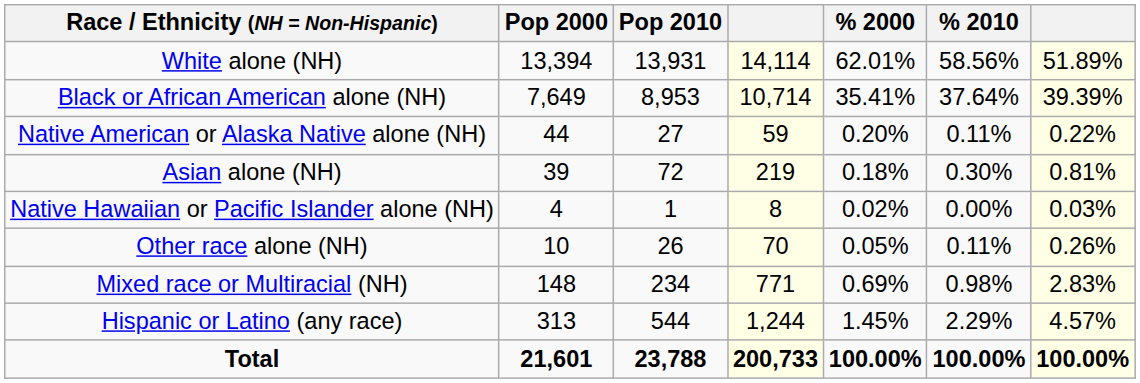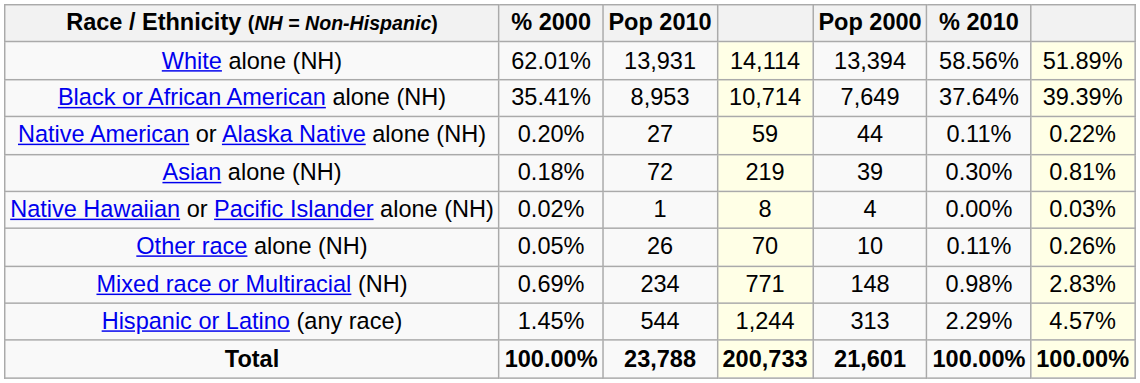 <table class="wikitable" style="text-align:center;">
 <tr>
 <th>Race / Ethnicity <small>(<em>NH = Non-Hispanic</em>)</small></th>
-<th>Pop 2000</th>
+<th>% 2000</th>
 <th>Pop 2010</th>
 <th></th>
-<th>% 2000</th>
+<th>Pop 2000</th>
 <th>% 2010</th>
 <th></th>
 </tr>
 <tr>
 <td><a href='#'>White</a> alone (NH)</td>
-<td>13,394</td>
+<td>62.01%</td>
 <td>13,931</td>
 <td style='background: #ffffe6;'>14,114</td>
-<td>62.01%</td>
+<td>13,394</td>
 <td>58.56%</td>
 <td style='background: #ffffe6;'>51.89%</td>
 </tr>
 <tr>
 <td><a href='#'>Black or African American</a> alone (NH)</td>
-<td>7,649</td>
+<td>35.41%</td>
 <td>8,953</td>
 <td style='background: #ffffe6;'>10,714</td>
-<td>35.41%</td>
+<td>7,649</td>
 <td>37.64%</td>
 <td style='background: #ffffe6;'>39.39%</td>
 </tr>
 <tr>
 <td><a href='#'>Native American</a> or <a href='#'>Alaska Native</a> alone (NH)</td>
-<td>44</td>
+<td>0.20%</td>
 <td>27</td>
 <td style='background: #ffffe6;'>59</td>
-<td>0.20%</td>
+<td>44</td>
 <td>0.11%</td>
 <td style='background: #ffffe6;'>0.22%</td>
 </tr>
 <tr>
 <td><a href='#'>Asian</a> alone (NH)</td>
-<td>39</td>
+<td>0.18%</td>
 <td>72</td>
 <td style='background: #ffffe6;'>219</td>
-<td>0.18%</td>
+<td>39</td>
 <td>0.30%</td>
 <td style='background: #ffffe6;'>0.81%</td>
 </tr>
 <tr>
 <td><a href='#'>Native Hawaiian</a> or <a href='#'>Pacific Islander</a> alone (NH)</td>
-<td>4</td>
+<td>0.02%</td>
 <td>1</td>
 <td style='background: #ffffe6;'>8</td>
-<td>0.02%</td>
+<td>4</td>
 <td>0.00%</td>
 <td style='background: #ffffe6;'>0.03%</td>
 </tr>
 <tr>
 <td><a href='#'>Other race</a> alone (NH)</td>
-<td>10</td>
+<td>0.05%</td>
 <td>26</td>
 <td style='background: #ffffe6;'>70</td>
-<td>0.05%</td>
+<td>10</td>
 <td>0.11%</td>
 <td style='background: #ffffe6;'>0.26%</td>
 </tr>
 <tr>
 <td><a href='#'>Mixed race or Multiracial</a> (NH)</td>
-<td>148</td>
+<td>0.69%</td>
 <td>234</td>
 <td style='background: #ffffe6;'>771</td>
-<td>0.69%</td>
+<td>148</td>
 <td>0.98%</td>
 <td style='background: #ffffe6;'>2.83%</td>
 </tr>
 <tr>
 <td><a href='#'>Hispanic or Latino</a> (any race)</td>
-<td>313</td>
+<td>1.45%</td>
 <td>544</td>
 <td style='background: #ffffe6;'>1,244</td>
-<td>1.45%</td>
+<td>313</td>
 <td>2.29%</td>
 <td style='background: #ffffe6;'>4.57%</td>
 </tr>
 <tr>
 <td><strong>Total</strong></td>
-<td><strong>21,601</strong></td>
+<td><strong>100.00%</strong></td>
 <td><strong>23,788</strong></td>
 <td style='background: #ffffe6;'><strong>200,733</strong></td>
-<td><strong>100.00%</strong></td>
+<td><strong>21,601</strong></td>
 <td><strong>100.00%</strong></td>
 <td style='background: #ffffe6;'><strong>100.00%</strong></td>
 </tr>
 </table>
